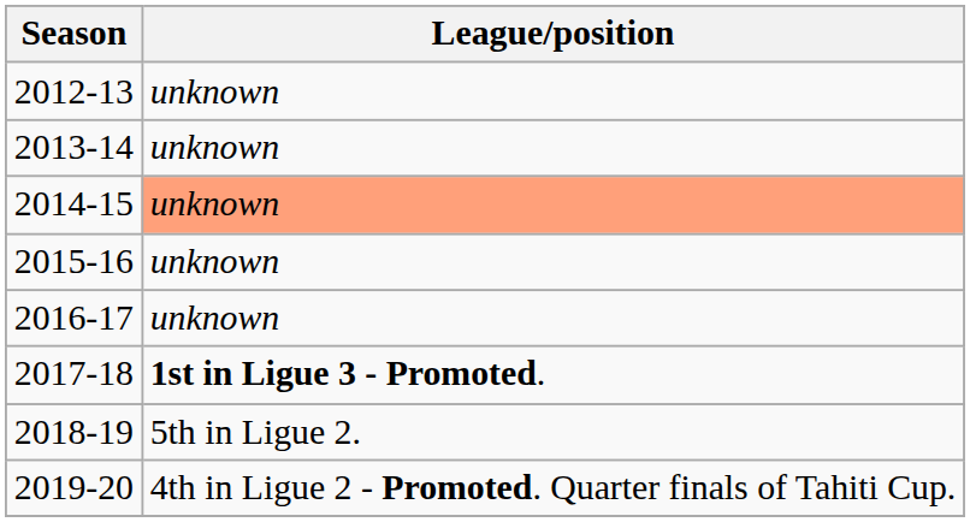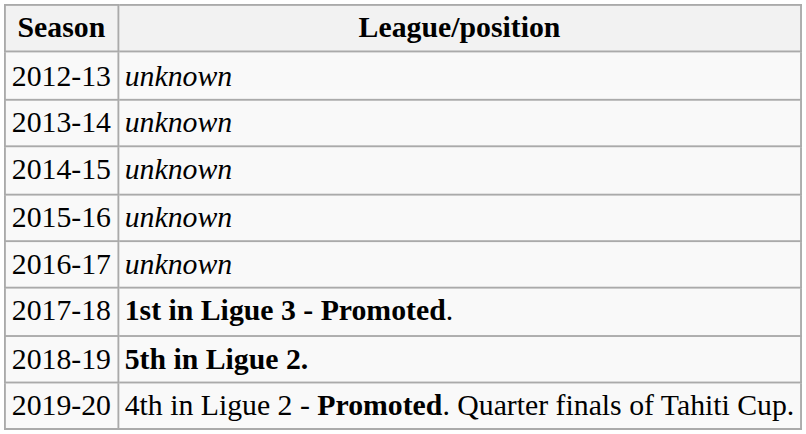 <table class="wikitable sortable">
 <tr>
 <th>Season</th>
 <th>League/position</th>
 </tr>
 <tr>
 <td>2012-13</td>
 <td><em>unknown</em></td>
 </tr>
 <tr>
 <td>2013-14</td>
 <td><em>unknown</em></td>
 </tr>
 <tr>
 <td>2014-15</td>
-<td style="background: lightsalmon;"><em>unknown</em></td>
+<td><em>unknown</em></td>
 </tr>
 <tr>
 <td>2015-16</td>
 <td><em>unknown</em></td>
 </tr>
 <tr>
 <td>2016-17</td>
 <td><em>unknown</em></td>
 </tr>
 <tr>
 <td>2017-18</td>
 <td><strong>1st in Ligue 3 - Promoted</strong>.</td>
 </tr>
 <tr>
 <td>2018-19</td>
-<td>5th in Ligue 2.</td>
+<td><strong>5th in Ligue 2.</strong></td>
 </tr>
 <tr>
 <td>2019-20</td>
 <td>4th in Ligue 2 - <strong>Promoted</strong>. Quarter finals of Tahiti Cup.</td>
 </tr>
 <tr>
 </tr>
 </table>
